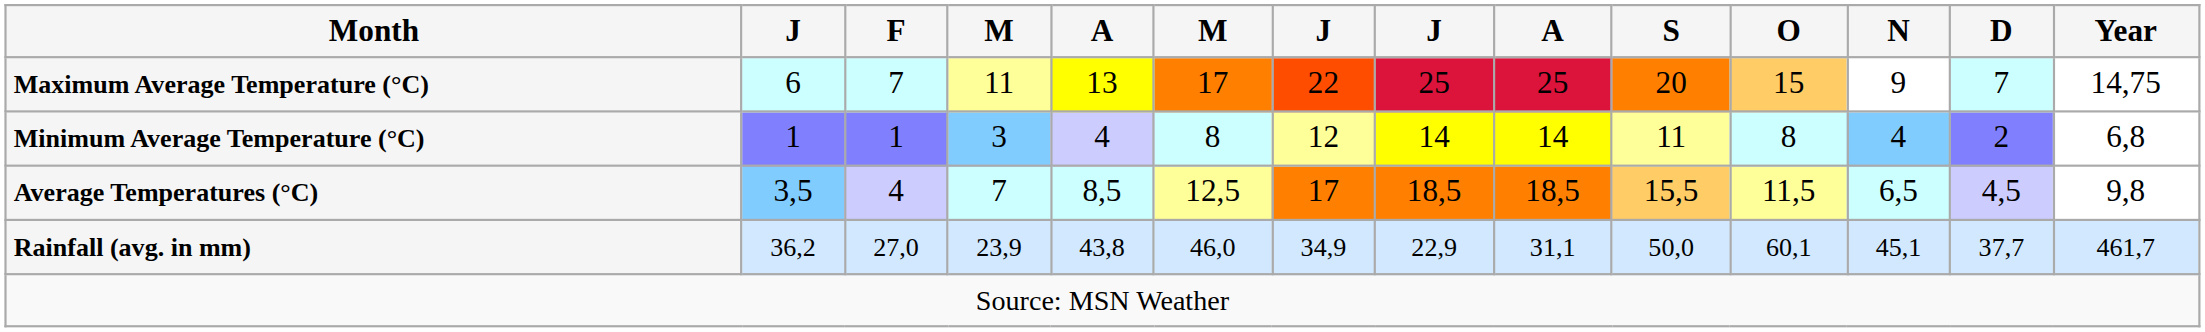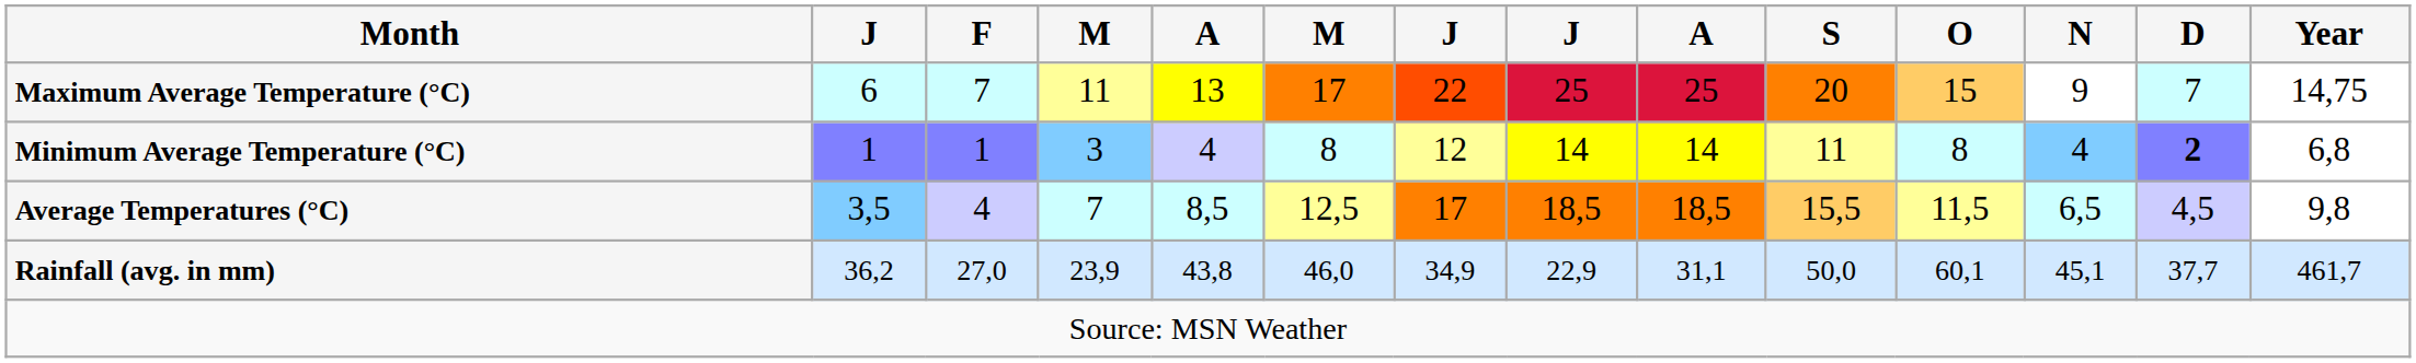 <table class="wikitable" style="margin:1em auto; font-size:90%;width:80%;border:0px;text-align:center;line-height:120%;">
 <tr>
 <th style="background: #F5F5F5; color: #000000" height="17">Month</th>
 <th style="background: #F5F5F5; color:#000000;">J</th>
 <th style="background: #F5F5F5; color:#000000;">F</th>
 <th style="background: #F5F5F5; color:#000000;">M</th>
 <th style="background: #F5F5F5; color:#000000;">A</th>
 <th style="background: #F5F5F5; color:#000000;">M</th>
 <th style="background: #F5F5F5; color:#000000;">J</th>
 <th style="background: #F5F5F5; color:#000000;">J</th>
 <th style="background: #F5F5F5; color:#000000;">A</th>
 <th style="background: #F5F5F5; color:#000000;">S</th>
 <th style="background: #F5F5F5; color:#000000;">O</th>
 <th style="background: #F5F5F5; color:#000000;">N</th>
 <th style="background: #F5F5F5; color:#000000;">D</th>
 <th style="background: #F5F5F5; color:#000000;">Year</th>
 </tr>
 <tr>
 <th style="background: #F5F5F5; color:#000000; text-align:left;"><small>Maximum Average Temperature (°C)</small></th>
 <td style="background: #CCFFFF; color:#000000;">6</td>
 <td style="background: #CCFFFF; color:#000000;">7</td>
 <td style="background: #FFFF99; color:#000000;">11</td>
 <td style="background: #FFFF00; color:#000000;">13</td>
 <td style="background: #FF8000; color:#000000;">17</td>
 <td style="background: #FF4D00; color:#000000;">22</td>
 <td style="background: #DC143C; color:#000000;">25</td>
 <td style="background: #DC143C; color:#000000;">25</td>
 <td style="background: #FF8000; color:#000000;">20</td>
 <td style="background: #FFCC66; color:#000000;">15</td>
 <td style="background: #FFFFFF; color:#000000;">9</td>
 <td style="background: #CCFFFF; color:#000000;">7</td>
 <td style="background: #FFFFFF; color:#000000;">14,75</td>
 </tr>
 <tr>
 <th style="background: #F5F5F5; color:#000000; text-align:left;"><small>Minimum Average Temperature (°C)</small></th>
 <td style="background: #8080FF; color:#000000;">1</td>
 <td style="background: #8080FF; color:#000000;">1</td>
 <td style="background: #80CCFF; color:#000000;">3</td>
 <td style="background: #CCCCFF; color:#000000;">4</td>
 <td style="background: #CCFFFF; color:#000000;">8</td>
 <td style="background: #FFFF99; color:#000000;">12</td>
 <td style="background: #FFFF00; color:#000000;">14</td>
 <td style="background: #FFFF00; color:#000000;">14</td>
 <td style="background: #FFFF99; color:#000000;">11</td>
 <td style="background: #CCFFFF; color:#000000;">8</td>
 <td style="background: #80CCFF; color:#000000;">4</td>
-<td style="background: #8080FF; color:#000000;">2</td>
+<td style="background: #8080FF; color:#000000;"><strong>2</strong></td>
 <td style="background: #FFFFFF; color:#000000;">6,8</td>
 </tr>
 <tr>
 <th style="background: #F5F5F5; color:#000000; text-align:left;"><small>Average Temperatures (°C)</small></th>
 <td style="background: #80CCFF; color:#000000;">3,5</td>
 <td style="background: #CCCCFF; color:#000000;">4</td>
 <td style="background: #CCFFFF; color:#000000;">7</td>
 <td style="background: #CCFFFF; color:#000000;">8,5</td>
 <td style="background: #FFFF99; color:#000000;">12,5</td>
 <td style="background: #FF8000; color:#000000;">17</td>
 <td style="background: #FF8000; color:#000000;">18,5</td>
 <td style="background: #FF8000; color:#000000;">18,5</td>
 <td style="background: #FFCC66; color:#000000;">15,5</td>
 <td style="background: #FFFF99; color:#000000;">11,5</td>
 <td style="background: #CCFFFF; color:#000000;">6,5</td>
 <td style="background: #CCCCFF; color:#000000;">4,5</td>
 <td style="background: #FFFFFF; color:#000000;">9,8</td>
 </tr>
 <tr>
 <th style="background: #F5F5F5; color:#000000; text-align:left;"><small>Rainfall (avg. in mm)</small></th>
 <td style="background: #D1E8FF; color: black;"><small>36,2</small></td>
 <td style="background: #D1E8FF; color: black;"><small>27,0</small></td>
 <td style="background: #D1E8FF; color: black;"><small>23,9</small></td>
 <td style="background: #D1E8FF; color: black;"><small>43,8</small></td>
 <td style="background: #D1E8FF; color: black;"><small>46,0</small></td>
 <td style="background: #D1E8FF; color: black;"><small>34,9</small></td>
 <td style="background: #D1E8FF; color: black;"><small>22,9</small></td>
 <td style="background: #D1E8FF; color: black;"><small>31,1</small></td>
 <td style="background: #D1E8FF; color: black;"><small>50,0</small></td>
 <td style="background: #D1E8FF; color: black;"><small>60,1</small></td>
 <td style="background: #D1E8FF; color: black;"><small>45,1</small></td>
 <td style="background: #D1E8FF; color: black;"><small>37,7</small></td>
 <td style="background: #D1E8FF; color: black;"><small>461,7</small></td>
 </tr>
 <tr>
 <td colspan="14" style="text-align:center;font-size:90%;">Source: MSN Weather</td>
 </tr>
 </table>
